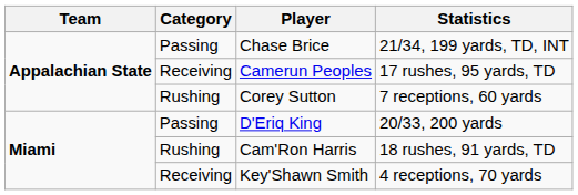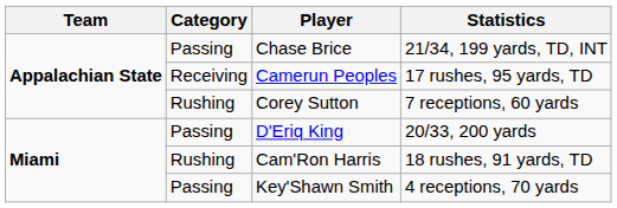 <table class="wikitable" style="float: left;">
 <tr>
 <th>Team</th>
 <th>Category</th>
 <th>Player</th>
 <th>Statistics</th>
 </tr>
 <tr>
 <td rowspan=3><strong>Appalachian State</strong></td>
 <td>Passing</td>
 <td>Chase Brice</td>
 <td>21/34, 199 yards, TD, INT</td>
 </tr>
 <tr>
 <td>Receiving</td>
 <td><a href='#'>Camerun Peoples</a></td>
 <td>17 rushes, 95 yards, TD</td>
 </tr>
 <tr>
 <td>Rushing</td>
 <td>Corey Sutton</td>
 <td>7 receptions, 60 yards</td>
 </tr>
 <tr>
 <td rowspan=3><strong>Miami</strong></td>
 <td>Passing</td>
 <td><a href='#'>D'Eriq King</a></td>
 <td>20/33, 200 yards</td>
 </tr>
 <tr>
 <td>Rushing</td>
 <td>Cam'Ron Harris</td>
 <td>18 rushes, 91 yards, TD</td>
 </tr>
 <tr>
-<td>Receiving</td>
+<td>Passing</td>
 <td>Key'Shawn Smith</td>
 <td>4 receptions, 70 yards</td>
 </tr>
 </table>
